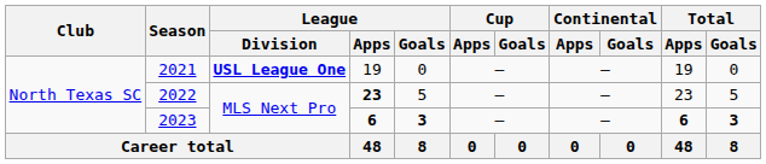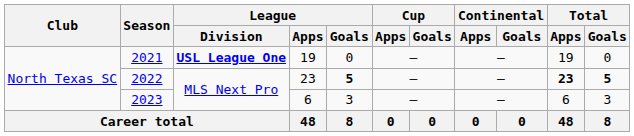 <table class=wikitable style=text-align:center>
 <tr>
 <th rowspan=2>Club</th>
 <th rowspan=2>Season</th>
 <th colspan=3>League</th>
 <th colspan=2>Cup</th>
 <th colspan=2>Continental</th>
 <th colspan=2>Total</th>
 </tr>
 <tr>
 <th>Division</th>
 <th>Apps</th>
 <th>Goals</th>
 <th>Apps</th>
 <th>Goals</th>
 <th>Apps</th>
 <th>Goals</th>
 <th>Apps</th>
 <th>Goals</th>
 </tr>
 <tr>
 <td rowspan=3><a href='#'>North Texas SC</a></td>
 <td><a href='#'>2021</a></td>
 <td><strong><a href='#'>USL League One</a></strong></td>
 <td>19</td>
 <td>0</td>
 <td colspan=2>—</td>
 <td colspan=2>—</td>
 <td>19</td>
 <td>0</td>
 </tr>
 <tr>
 <td><a href='#'>2022</a></td>
 <td rowspan=2><a href='#'>MLS Next Pro</a></td>
-<td><strong>23</strong></td>
-<td>5</td>
+<td>23</td>
+<td><strong>5</strong></td>
 <td colspan=2>—</td>
 <td colspan=2>—</td>
-<td>23</td>
-<td>5</td>
+<td><strong>23</strong></td>
+<td><strong>5</strong></td>
 </tr>
 <tr>
 <td><a href='#'>2023</a></td>
-<td><strong>6</strong></td>
-<td><strong>3</strong></td>
+<td>6</td>
+<td>3</td>
 <td colspan=2>—</td>
 <td colspan=2>—</td>
-<td><strong>6</strong></td>
-<td><strong>3</strong></td>
+<td>6</td>
+<td>3</td>
 </tr>
 <tr>
 <th colspan=3>Career total</th>
 <th>48</th>
 <th>8</th>
 <th>0</th>
 <th>0</th>
 <th>0</th>
 <th>0</th>
 <th>48</th>
 <th>8</th>
 </tr>
 </table>
